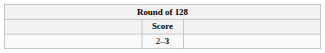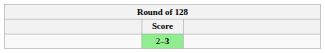 <table class="wikitable" style="text-align: center; font-size:90% ">
 <tr>
 <th colspan=3>Round of 128</th>
 </tr>
 <tr>
 <th width=215></th>
 <th width=60>Score</th>
 <th width=215></th>
 </tr>
 <tr>
 <td align=left></td>
-<td>2–<strong>3</strong></td>
+<td style="background: lightgreen;">2–<strong>3</strong></td>
 <td align=left><strong></strong></td>
 </tr>
 </table>
